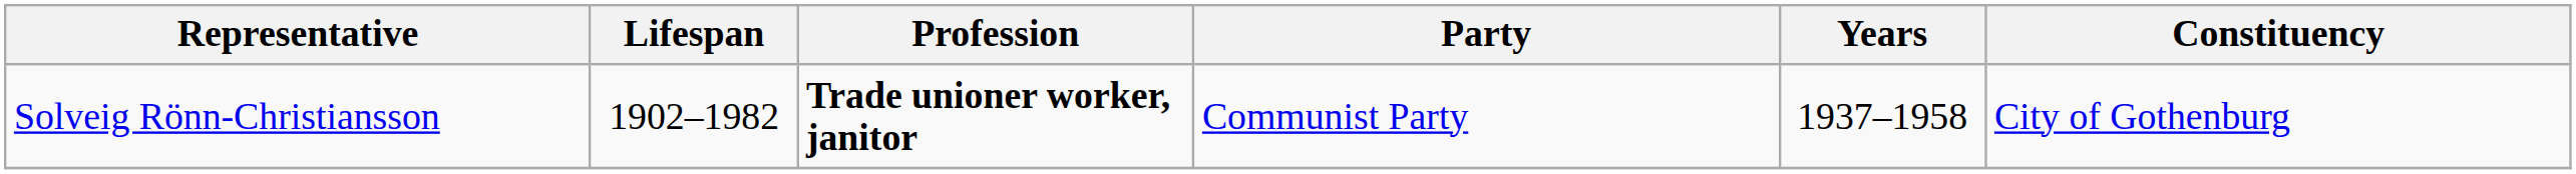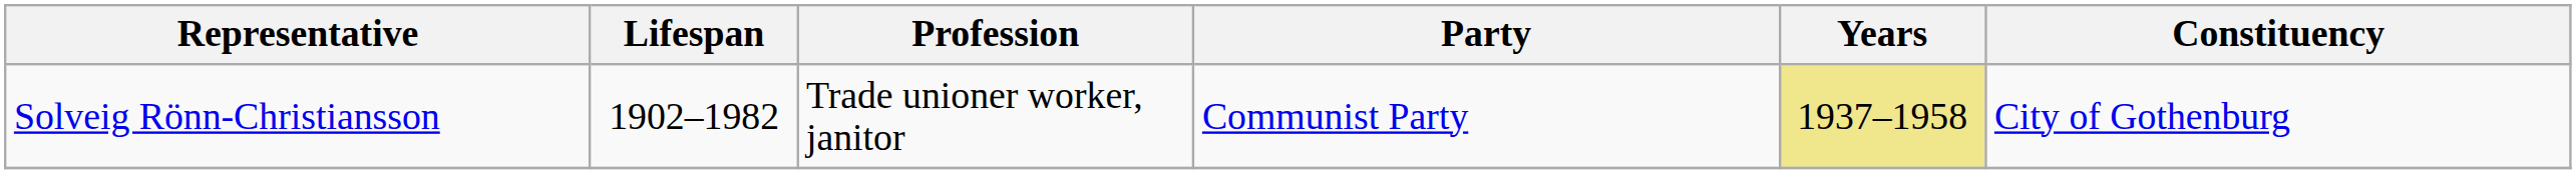 <table class="wikitable">
 <tr>
 <th style="width:15em">Representative</th>
 <th style="width:5em">Lifespan</th>
 <th style="width:10em">Profession</th>
 <th style="width:15em">Party</th>
 <th style="width:5em">Years</th>
 <th style="width:15em">Constituency</th>
 </tr>
 <tr>
 <td><a href='#'>Solveig Rönn-Christiansson</a></td>
 <td align=center>1902–1982</td>
-<td><strong>Trade unioner worker, janitor</strong></td>
+<td>Trade unioner worker, janitor</td>
 <td> <a href='#'>Communist Party</a></td>
-<td align=center>1937–1958</td>
+<td align=center style="background: khaki;">1937–1958</td>
 <td><a href='#'>City of  Gothenburg </a></td>
 </tr>
 <tr>
 </tr>
 </table>
